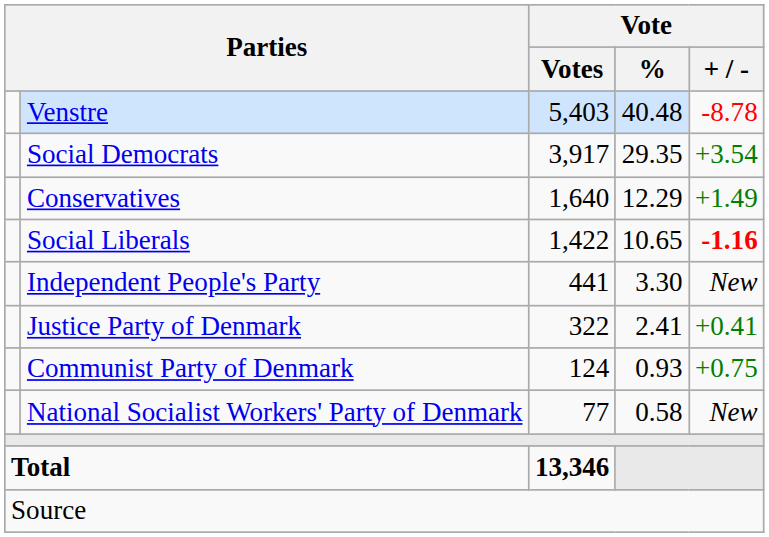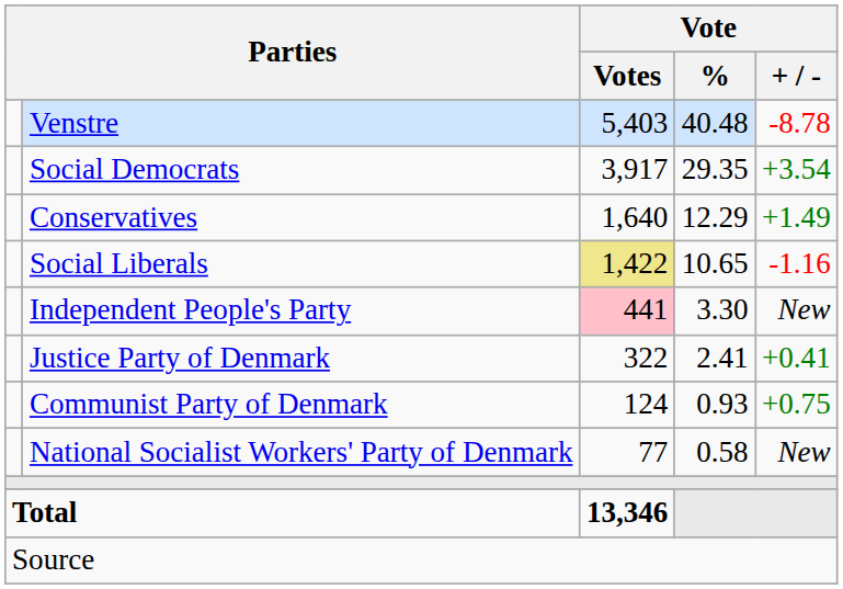 <table class="wikitable" style="text-align:right;">
 <tr>
 <th style="text-align:centre;" rowspan="2" colspan="2" width="225">Parties</th>
 <th colspan="3">Vote</th>
 </tr>
 <tr>
 <th width="15">Votes</th>
 <th width="15">%</th>
 <th width="15">+ / -</th>
 </tr>
 <tr>
 <td width="2" style="color:inherit;background:"></td>
 <td bgcolor=#cfe5fe  align="left"><a href='#'>Venstre</a></td>
 <td bgcolor=#cfe5fe>5,403</td>
 <td bgcolor=#cfe5fe>40.48</td>
 <td style=color:red;>-8.78</td>
 </tr>
 <tr>
 <td width="2" style="color:inherit;background:"></td>
 <td align="left"><a href='#'>Social Democrats</a></td>
 <td>3,917</td>
 <td>29.35</td>
 <td style=color:green;>+3.54</td>
 </tr>
 <tr>
 <td width="2" style="color:inherit;background:"></td>
 <td align="left"><a href='#'>Conservatives</a></td>
 <td>1,640</td>
 <td>12.29</td>
 <td style=color:green;>+1.49</td>
 </tr>
 <tr>
 <td width="2" style="color:inherit;background:"></td>
 <td align="left"><a href='#'>Social Liberals</a></td>
-<td>1,422</td>
+<td style="background: khaki;">1,422</td>
 <td>10.65</td>
-<td style=color:red;><strong>-1.16</strong></td>
+<td style=color:red;>-1.16</td>
 </tr>
 <tr>
 <td width="2" style="color:inherit;background:"></td>
 <td align="left"><a href='#'>Independent People's Party</a></td>
-<td>441</td>
+<td style="background: pink;">441</td>
 <td>3.30</td>
 <td><em>New</em></td>
 </tr>
 <tr>
 <td width="2" style="color:inherit;background:"></td>
 <td align="left"><a href='#'>Justice Party of Denmark</a></td>
 <td>322</td>
 <td>2.41</td>
 <td style=color:green;>+0.41</td>
 </tr>
 <tr>
 <td width="2" style="color:inherit;background:"></td>
 <td align="left"><a href='#'>Communist Party of Denmark</a></td>
 <td>124</td>
 <td>0.93</td>
 <td style=color:green;>+0.75</td>
 </tr>
 <tr>
 <td width="2" style="color:inherit;background:"></td>
 <td align="left"><a href='#'>National Socialist Workers' Party of Denmark</a></td>
 <td>77</td>
 <td>0.58</td>
 <td><em>New</em></td>
 </tr>
 <tr>
 <td colspan="7" bgcolor="#E9E9E9"></td>
 </tr>
 <tr>
 <td align="left" colspan="2"><strong>Total</strong></td>
 <td><strong>13,346</strong></td>
 <td bgcolor="#E9E9E9" colspan="2"></td>
 </tr>
 <tr>
 <td align="left" colspan="6">Source</td>
 </tr>
 </table>
